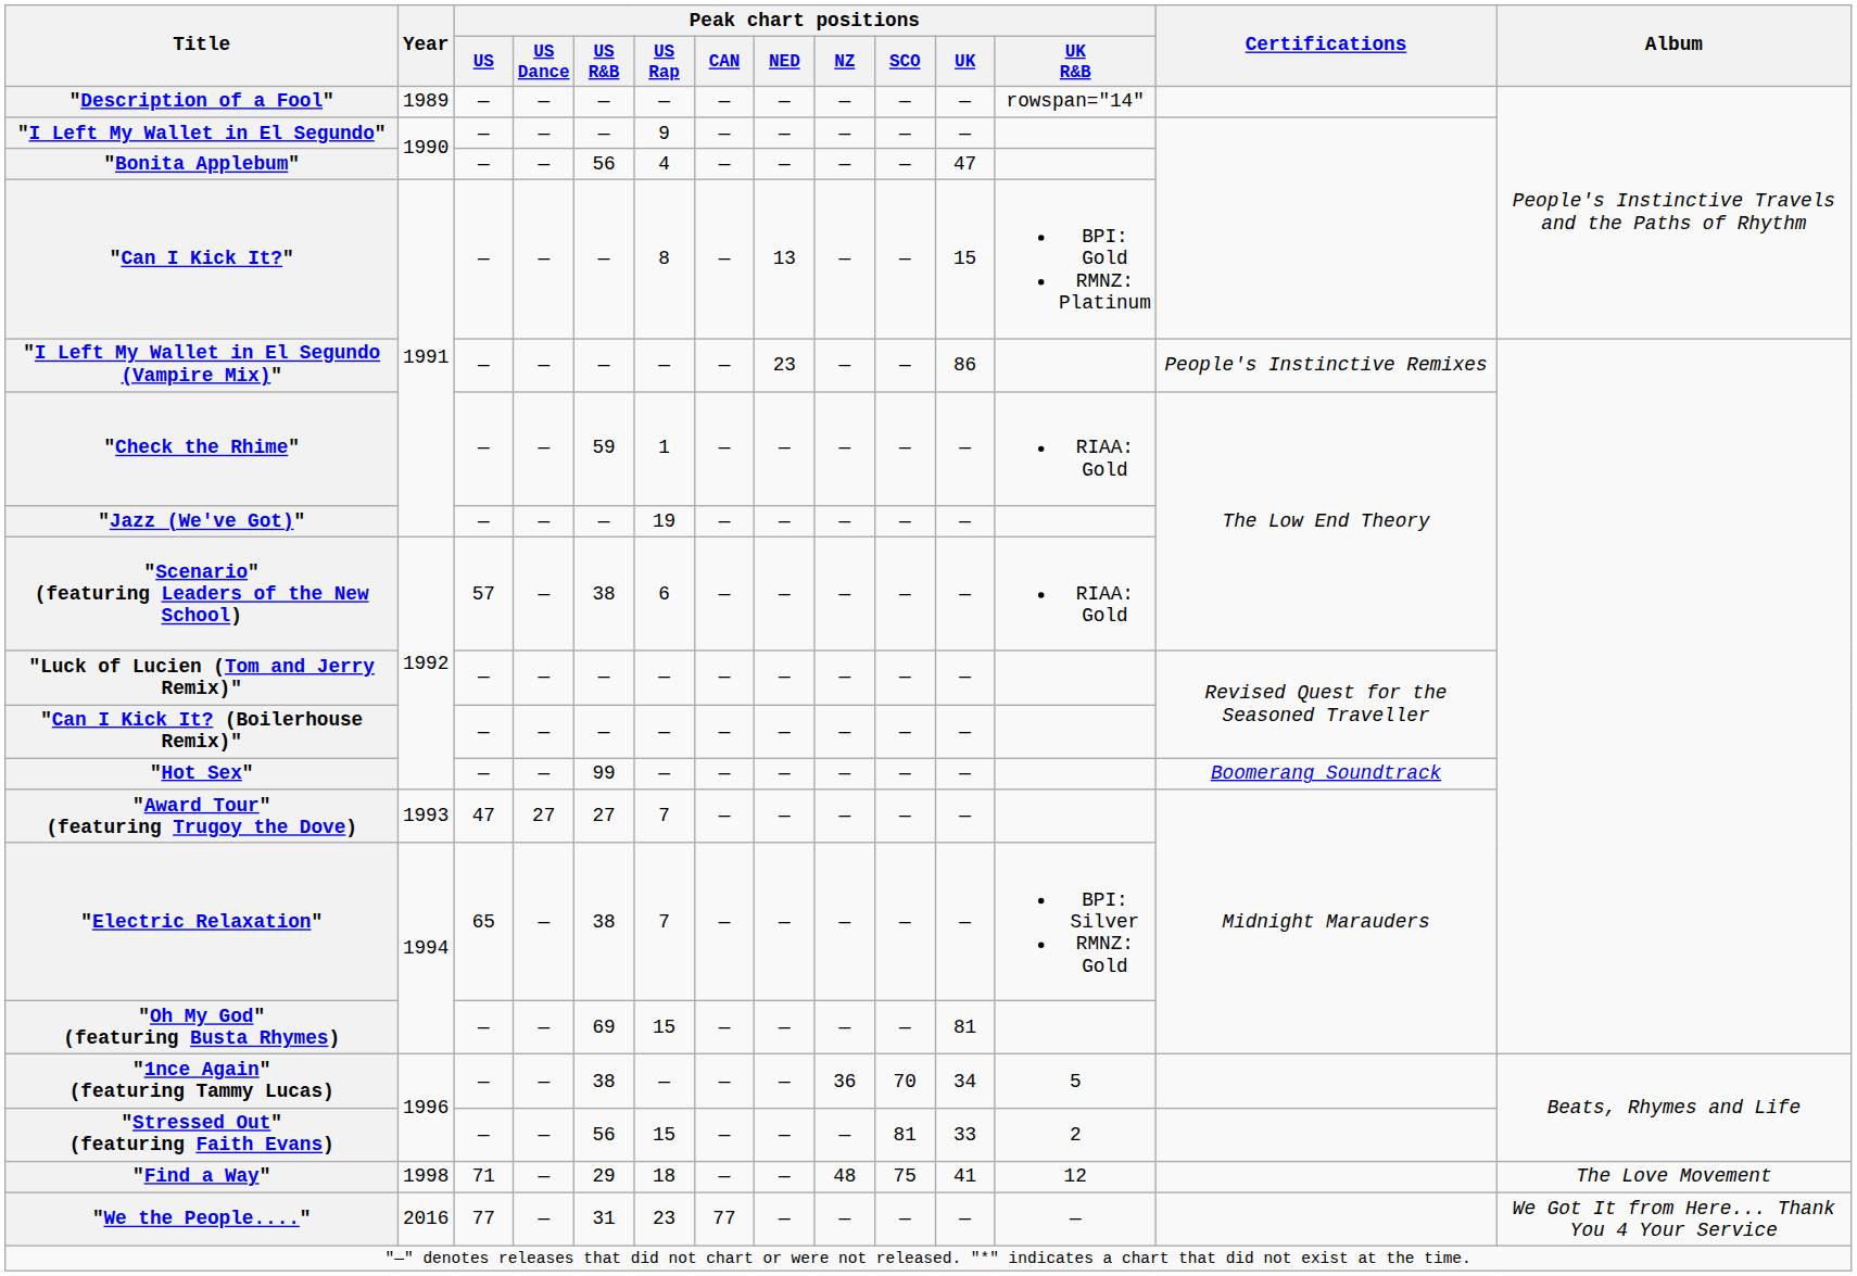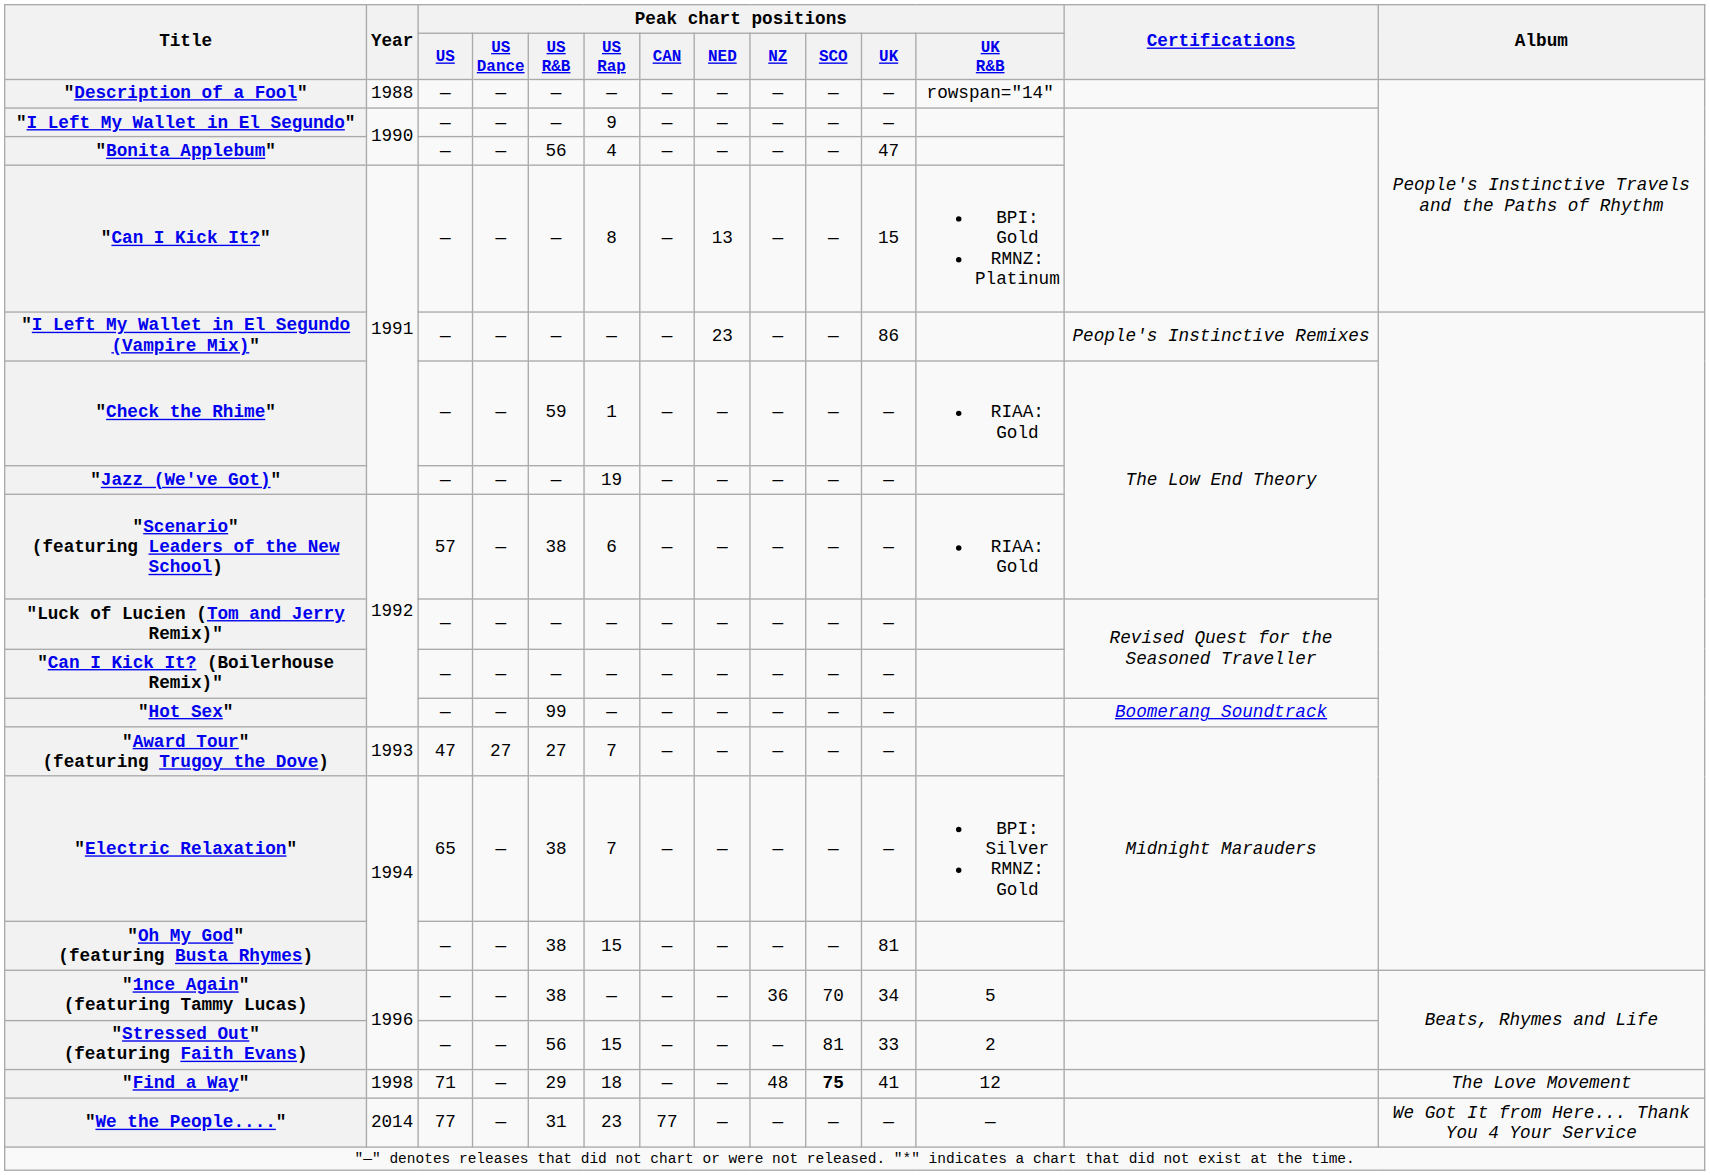 <table class="wikitable plainrowheaders" style="text-align:center;" border="1">
 <tr>
 <th scope="col" rowspan="2" style="width:20em;">Title</th>
 <th scope="col" rowspan="2" style="width:1em;">Year</th>
 <th scope="col" colspan="10">Peak chart positions</th>
 <th rowspan="2"><a href='#'>Certifications</a></th>
 <th scope="col" rowspan="2" style="width:18em;">Album</th>
 </tr>
 <tr>
 <th scope="col" style="width:3em;font-size:90%;"><a href='#'>US</a><br></th>
 <th scope="col" style="width:3em;font-size:90%;"><a href='#'>US Dance</a><br></th>
 <th scope="col" style="width:3em;font-size:90%;"><a href='#'>US R&B</a><br></th>
 <th scope="col" style="width:3em;font-size:90%;"><a href='#'>US Rap</a><br></th>
 <th scope="col" style="width:3em;font-size:90%;"><a href='#'>CAN</a><br></th>
 <th scope="col" style="width:3em;font-size:90%;"><a href='#'>NED</a><br></th>
 <th scope="col" style="width:3em;font-size:90%;"><a href='#'>NZ</a><br></th>
 <th scope="col" style="width:3em;font-size:90%;"><a href='#'>SCO</a><br></th>
 <th scope="col" style="width:3em;font-size:90%;"><a href='#'>UK</a><br></th>
 <th style="width:2em;font-size:90%;"><a href='#'>UK<br>R&B</a><br></th>
 </tr>
 <tr>
 <th scope="row">"<a href='#'>Description of a Fool</a>"</th>
-<td>1989</td>
+<td>1988</td>
 <td>—</td>
 <td>—</td>
 <td>—</td>
 <td>—</td>
 <td>—</td>
 <td>—</td>
 <td>—</td>
 <td>—</td>
 <td>—</td>
 <td>rowspan="14" </td>
 <td></td>
 <td rowspan="4"><em>People's Instinctive Travels and the Paths of Rhythm</em></td>
 </tr>
 <tr>
 <th scope="row">"<a href='#'>I Left My Wallet in El Segundo</a>"</th>
 <td rowspan="2">1990</td>
 <td>—</td>
 <td>—</td>
 <td>—</td>
 <td>9</td>
 <td>—</td>
 <td>—</td>
 <td>—</td>
 <td>—</td>
 <td>—</td>
 <td></td>
 </tr>
 <tr>
 <th scope="row">"<a href='#'>Bonita Applebum</a>"</th>
 <td>—</td>
 <td>—</td>
 <td>56</td>
 <td>4</td>
 <td>—</td>
 <td>—</td>
 <td>—</td>
 <td>—</td>
 <td>47</td>
 <td></td>
 </tr>
 <tr>
 <th scope="row">"<a href='#'>Can I Kick It?</a>"</th>
 <td rowspan="4">1991</td>
 <td>—</td>
 <td>—</td>
 <td>—</td>
 <td>8</td>
 <td>—</td>
 <td>13</td>
 <td>—</td>
 <td>—</td>
 <td>15</td>
 <td><br><ul><li>BPI: Gold</li><li>RMNZ: Platinum</li></ul></td>
 </tr>
 <tr>
 <th scope="row">"<a href='#'>I Left My Wallet in El Segundo (Vampire Mix)</a>"</th>
 <td>—</td>
 <td>—</td>
 <td>—</td>
 <td>—</td>
 <td>—</td>
 <td>23</td>
 <td>—</td>
 <td>—</td>
 <td>86</td>
 <td></td>
 <td><em>People's Instinctive Remixes</em></td>
 </tr>
 <tr>
 <th scope="row">"<a href='#'>Check the Rhime</a>"</th>
 <td>—</td>
 <td>—</td>
 <td>59</td>
 <td>1</td>
 <td>—</td>
 <td>—</td>
 <td>—</td>
 <td>—</td>
 <td>—</td>
 <td><br><ul><li>RIAA: Gold</li></ul></td>
 <td rowspan="3"><em>The Low End Theory</em></td>
 </tr>
 <tr>
 <th scope="row">"<a href='#'>Jazz (We've Got)</a>"</th>
 <td>—</td>
 <td>—</td>
 <td>—</td>
 <td>19</td>
 <td>—</td>
 <td>—</td>
 <td>—</td>
 <td>—</td>
 <td>—</td>
 <td></td>
 </tr>
 <tr>
 <th scope="row">"<a href='#'>Scenario</a>"<br><span>(featuring <a href='#'>Leaders of the New School</a>)</span></th>
 <td rowspan="4">1992</td>
 <td>57</td>
 <td>—</td>
 <td>38</td>
 <td>6</td>
 <td>—</td>
 <td>—</td>
 <td>—</td>
 <td>—</td>
 <td>—</td>
 <td><br><ul><li>RIAA: Gold</li></ul></td>
 </tr>
 <tr>
 <th scope="row">"Luck of Lucien (<a href='#'>Tom and Jerry</a> Remix)"</th>
 <td>—</td>
 <td>—</td>
 <td>—</td>
 <td>—</td>
 <td>—</td>
 <td>—</td>
 <td>—</td>
 <td>—</td>
 <td>—</td>
 <td></td>
 <td rowspan="2"><em>Revised Quest for the Seasoned Traveller</em></td>
 </tr>
 <tr>
 <th scope="row">"<a href='#'>Can I Kick It?</a> (Boilerhouse Remix)"</th>
 <td>—</td>
 <td>—</td>
 <td>—</td>
 <td>—</td>
 <td>—</td>
 <td>—</td>
 <td>—</td>
 <td>—</td>
 <td>—</td>
 <td></td>
 </tr>
 <tr>
 <th scope="row">"<a href='#'>Hot Sex</a>"</th>
 <td>—</td>
 <td>—</td>
 <td>99</td>
 <td>—</td>
 <td>—</td>
 <td>—</td>
 <td>—</td>
 <td>—</td>
 <td>—</td>
 <td></td>
 <td><em><a href='#'>Boomerang Soundtrack</a></em></td>
 </tr>
 <tr>
 <th scope="row">"<a href='#'>Award Tour</a>"<br><span>(featuring <a href='#'>Trugoy the Dove</a>)</span></th>
 <td>1993</td>
 <td>47</td>
 <td>27</td>
 <td>27</td>
 <td>7</td>
 <td>—</td>
 <td>—</td>
 <td>—</td>
 <td>—</td>
 <td>—</td>
 <td></td>
 <td rowspan="3"><em>Midnight Marauders</em></td>
 </tr>
 <tr>
 <th scope="row">"<a href='#'>Electric Relaxation</a>"</th>
 <td rowspan="2">1994</td>
 <td>65</td>
 <td>—</td>
 <td>38</td>
 <td>7</td>
 <td>—</td>
 <td>—</td>
 <td>—</td>
 <td>—</td>
 <td>—</td>
 <td><br><ul><li>BPI: Silver</li><li>RMNZ: Gold</li></ul></td>
 </tr>
 <tr>
 <th scope="row">"<a href='#'>Oh My God</a>"<br><span>(featuring <a href='#'>Busta Rhymes</a>)</span></th>
 <td>—</td>
 <td>—</td>
-<td>69</td>
+<td>38</td>
 <td>15</td>
 <td>—</td>
 <td>—</td>
 <td>—</td>
 <td>—</td>
 <td>81</td>
 <td></td>
 </tr>
 <tr>
 <th scope="row">"<a href='#'>1nce Again</a>"<br><span>(featuring Tammy Lucas)</span></th>
 <td rowspan="2">1996</td>
 <td>—</td>
 <td>—</td>
 <td>38</td>
 <td>—</td>
 <td>—</td>
 <td>—</td>
 <td>36</td>
 <td>70</td>
 <td>34</td>
 <td>5</td>
 <td></td>
 <td rowspan="2"><em>Beats, Rhymes and Life</em></td>
 </tr>
 <tr>
 <th scope="row">"<a href='#'>Stressed Out</a>"<br><span>(featuring <a href='#'>Faith Evans</a>)</span></th>
 <td>—</td>
 <td>—</td>
 <td>56</td>
 <td>15</td>
 <td>—</td>
 <td>—</td>
 <td>—</td>
 <td>81</td>
 <td>33</td>
 <td>2</td>
 <td></td>
 </tr>
 <tr>
 <th scope="row">"<a href='#'>Find a Way</a>"</th>
 <td>1998</td>
 <td>71</td>
 <td>—</td>
 <td>29</td>
 <td>18</td>
 <td>—</td>
 <td>—</td>
 <td>48</td>
-<td>75</td>
+<td><strong>75</strong></td>
 <td>41</td>
 <td>12</td>
 <td></td>
 <td><em>The Love Movement</em></td>
 </tr>
 <tr>
 <th scope="row">"<a href='#'>We the People....</a>"</th>
-<td>2016</td>
+<td>2014</td>
 <td>77</td>
 <td>—</td>
 <td>31</td>
 <td>23</td>
 <td>77</td>
 <td>—</td>
 <td>—</td>
 <td>—</td>
 <td>—</td>
 <td>—</td>
 <td></td>
 <td><em>We Got It from Here... Thank You 4 Your Service</em></td>
 </tr>
 <tr>
 <td colspan="16" align="center" style="font-size:8pt">"—" denotes releases that did not chart or were not released. "*" indicates a chart that did not exist at the time.</td>
 </tr>
 </table>
